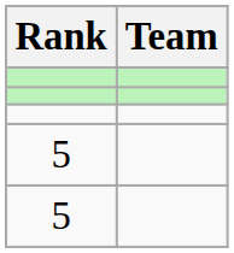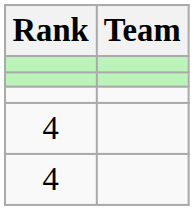 <table class="wikitable">
 <tr>
 <th>Rank</th>
 <th>Team</th>
 </tr>
 <tr bgcolor=bbf3bb>
 <td align=center></td>
 <td></td>
 </tr>
 <tr bgcolor=bbf3bb>
 <td align=center></td>
 <td></td>
 </tr>
 <tr>
 <td align=center></td>
 <td></td>
 </tr>
 <tr>
-<td align=center>5</td>
+<td align=center>4</td>
 <td></td>
 </tr>
 <tr>
-<td align=center>5</td>
+<td align=center>4</td>
 <td></td>
 </tr>
 </table>
